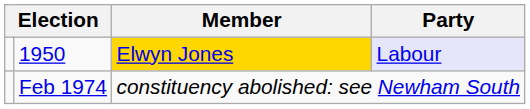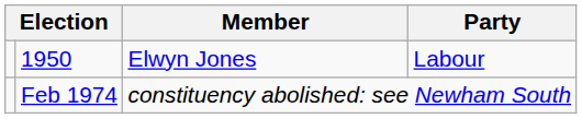 <table class="wikitable">
 <tr>
 <th colspan="2">Election</th>
 <th>Member</th>
 <th>Party</th>
 </tr>
 <tr>
 <td style="color:inherit;background-color: "></td>
 <td><a href='#'>1950</a></td>
-<td style="background: gold;"><a href='#'>Elwyn Jones</a></td>
-<td style="background: lavender;"><a href='#'>Labour</a></td>
+<td><a href='#'>Elwyn Jones</a></td>
+<td><a href='#'>Labour</a></td>
 </tr>
 <tr>
 <td></td>
 <td><a href='#'>Feb 1974</a></td>
 <td colspan="2"><em>constituency abolished: see <a href='#'>Newham South</a></em></td>
 </tr>
 </table>
